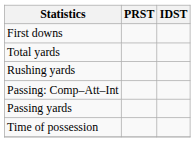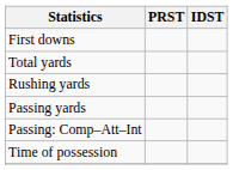 <table class="wikitable" style="float: left;">
 <tr>
 <th>Statistics</th>
 <th>PRST</th>
 <th>IDST</th>
 </tr>
 <tr>
 <td>First downs</td>
 <td></td>
 <td></td>
 </tr>
 <tr>
 <td>Total yards</td>
 <td></td>
 <td></td>
 </tr>
 <tr>
 <td>Rushing yards</td>
 <td></td>
 <td></td>
 </tr>
 <tr>
-<td>Passing: Comp–Att–Int</td>
+<td>Passing yards</td>
 <td></td>
 <td></td>
 </tr>
 <tr>
-<td>Passing yards</td>
+<td>Passing: Comp–Att–Int</td>
 <td></td>
 <td></td>
 </tr>
 <tr>
 <td>Time of possession</td>
 <td></td>
 <td></td>
 </tr>
 <tr>
 </tr>
 </table>
